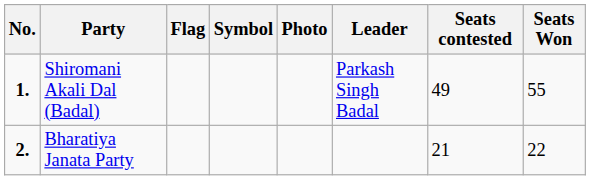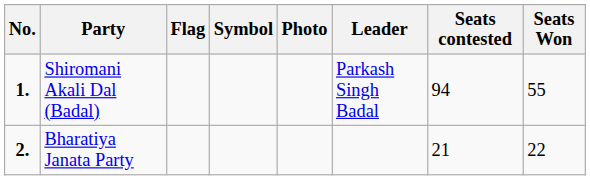 <table class="wikitable sortable" width="40%">
 <tr>
 <th>No.</th>
 <th>Party</th>
 <th>Flag</th>
 <th>Symbol</th>
 <th>Photo</th>
 <th>Leader</th>
 <th>Seats contested</th>
 <th>Seats Won</th>
 </tr>
 <tr>
 <td style="text-align:center; background:"><strong>1.</strong></td>
 <td><a href='#'>Shiromani Akali Dal (Badal)</a></td>
 <td></td>
 <td></td>
 <td></td>
 <td><a href='#'>Parkash Singh Badal</a></td>
-<td>49</td>
+<td>94</td>
 <td>55</td>
 </tr>
 <tr>
 <td style="text-align:center; background:"><strong>2.</strong></td>
 <td><a href='#'>Bharatiya Janata Party</a></td>
 <td></td>
 <td></td>
 <td></td>
 <td></td>
 <td>21</td>
 <td>22</td>
 </tr>
 </table>
